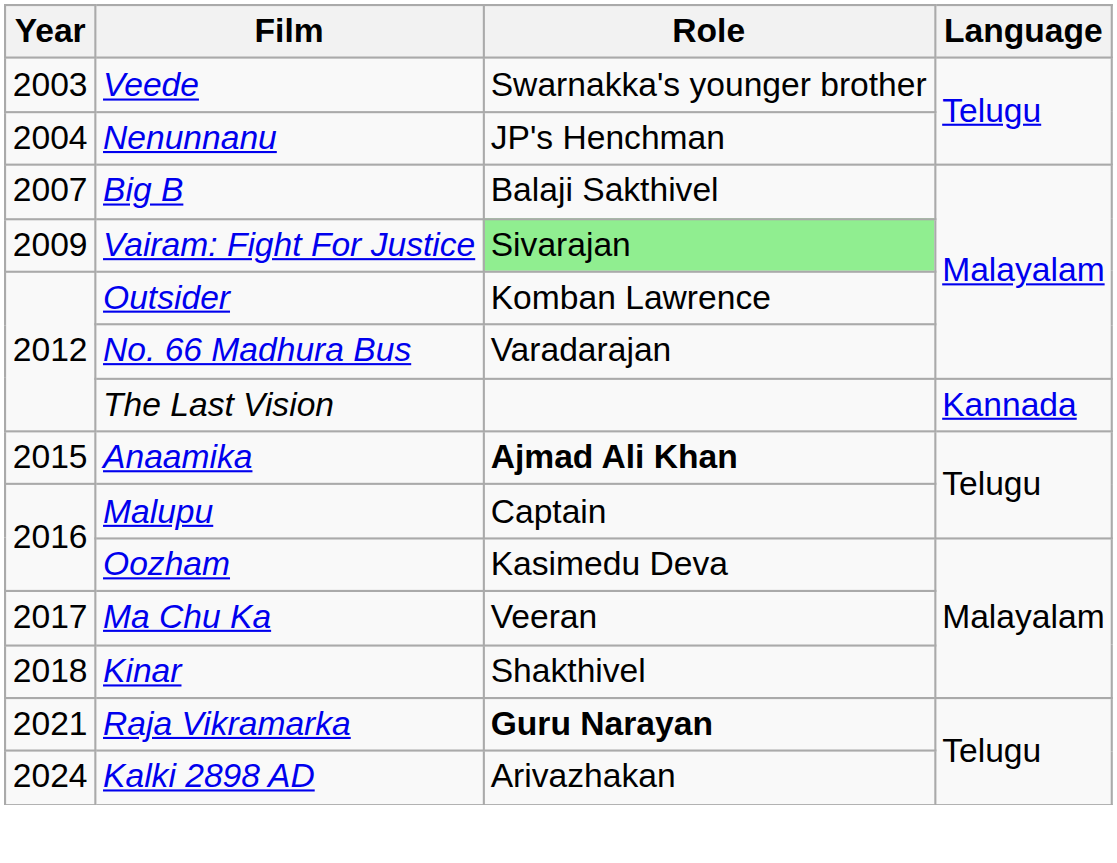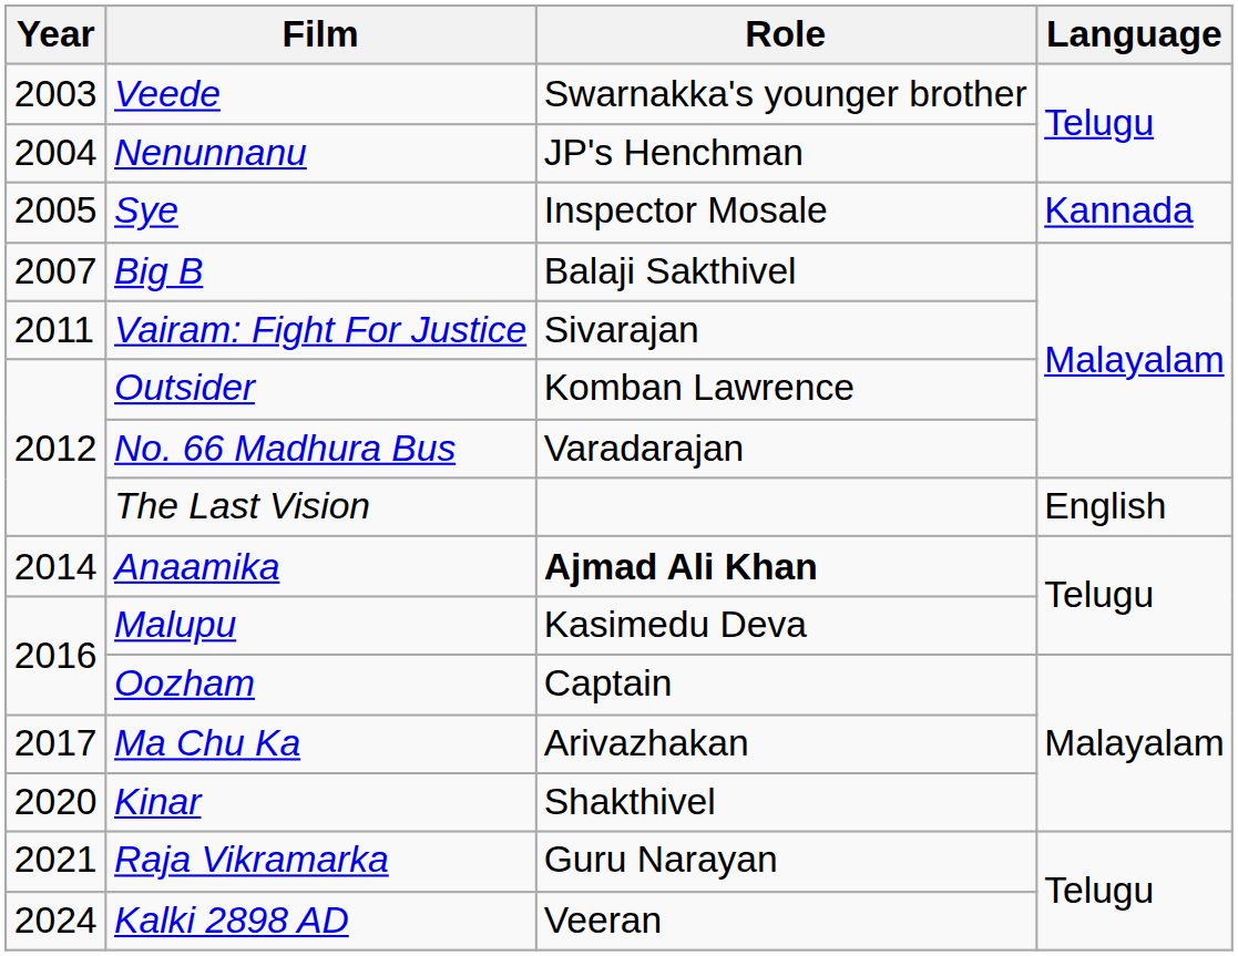 <table class="wikitable sortable">
 <tr>
 <th>Year</th>
 <th>Film</th>
 <th>Role</th>
 <th>Language</th>
 </tr>
 <tr>
 <td>2003</td>
 <td><em><a href='#'>Veede</a></em></td>
 <td>Swarnakka's younger brother</td>
 <td rowspan="2"><a href='#'>Telugu</a></td>
 </tr>
 <tr>
 <td>2004</td>
 <td><em><a href='#'>Nenunnanu</a></em></td>
 <td>JP's Henchman</td>
 </tr>
 <tr>
+<td>2005</td>
+<td><em><a href='#'>Sye</a></em></td>
+<td>Inspector Mosale</td>
+<td><a href='#'>Kannada</a></td>
+</tr>
+<tr>
 <td>2007</td>
 <td><em><a href='#'>Big B</a></em></td>
 <td>Balaji Sakthivel</td>
 <td rowspan="4:"><a href='#'>Malayalam</a></td>
 </tr>
 <tr>
-<td>2009</td>
+<td>2011</td>
 <td><em><a href='#'>Vairam: Fight For Justice</a></em></td>
-<td style="background: lightgreen;">Sivarajan</td>
+<td>Sivarajan</td>
 </tr>
 <tr>
 <td rowspan="3">2012</td>
 <td><em><a href='#'>Outsider</a></em></td>
 <td>Komban Lawrence</td>
 </tr>
 <tr>
 <td><em><a href='#'>No. 66 Madhura Bus</a></em></td>
 <td>Varadarajan</td>
 </tr>
 <tr>
 <td><em>The Last Vision</em></td>
 <td></td>
-<td><a href='#'>Kannada</a></td>
+<td>English</td>
 </tr>
 <tr>
-<td>2015</td>
+<td>2014</td>
 <td><em><a href='#'>Anaamika</a></em></td>
 <td><strong>Ajmad Ali Khan</strong></td>
 <td rowspan="2">Telugu</td>
 </tr>
 <tr>
 <td rowspan="2">2016</td>
 <td><em><a href='#'>Malupu</a></em></td>
-<td>Captain</td>
+<td>Kasimedu Deva</td>
 </tr>
 <tr>
 <td><em><a href='#'>Oozham</a></em></td>
-<td>Kasimedu Deva</td>
+<td>Captain</td>
 <td rowspan="3">Malayalam</td>
 </tr>
 <tr>
 <td>2017</td>
 <td><em><a href='#'>Ma Chu Ka</a></em></td>
-<td>Veeran</td>
+<td>Arivazhakan</td>
 </tr>
 <tr>
-<td>2018</td>
+<td>2020</td>
 <td><em><a href='#'>Kinar</a></em></td>
 <td>Shakthivel</td>
 </tr>
 <tr>
 <td>2021</td>
 <td><em><a href='#'>Raja Vikramarka</a></em></td>
-<td><strong>Guru Narayan</strong></td>
+<td>Guru Narayan</td>
 <td rowspan="2">Telugu</td>
 </tr>
 <tr>
 <td>2024</td>
 <td><em><a href='#'>Kalki 2898 AD</a></em></td>
-<td>Arivazhakan</td>
+<td>Veeran</td>
 </tr>
 </table>
